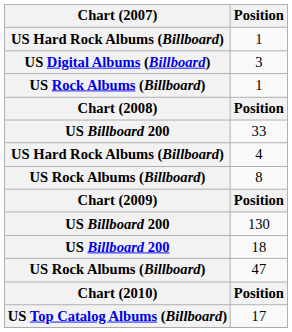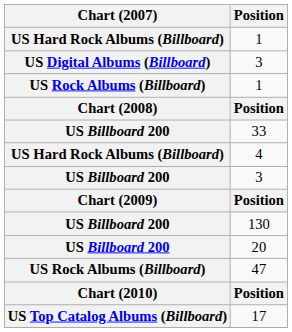 <table class="wikitable plainrowheaders" style="text-align:center">
 <tr>
 <th>Chart (2007)</th>
 <th>Position</th>
 </tr>
 <tr>
 <th scope="row">US Hard Rock Albums (<em>Billboard</em>)</th>
 <td>1</td>
 </tr>
 <tr>
 <th scope="row">US <a href='#'>Digital Albums</a> (<a href='#'><em>Billboard</em></a>)</th>
 <td>3</td>
 </tr>
 <tr>
 <th scope="row">US <a href='#'>Rock Albums</a> (<em>Billboard</em>)</th>
 <td>1</td>
 </tr>
 <tr>
 <th>Chart (2008)</th>
 <th>Position</th>
 </tr>
 <tr>
 <th scope="row">US <em>Billboard</em> 200</th>
 <td>33</td>
 </tr>
 <tr>
 <th scope="row">US Hard Rock Albums (<em>Billboard</em>)</th>
 <td>4</td>
 </tr>
 <tr>
-<th scope="row">US Rock Albums (<em>Billboard</em>)</th>
-<td>8</td>
+<th scope="row">US <em>Billboard</em> 200</th>
+<td>3</td>
 </tr>
 <tr>
 <th>Chart (2009)</th>
 <th>Position</th>
 </tr>
 <tr>
 <th scope="row">US <em>Billboard</em> 200</th>
 <td>130</td>
 </tr>
 <tr>
 <th scope="row">US <a href='#'><em>Billboard</em> 200</a></th>
-<td>18</td>
+<td>20</td>
 </tr>
 <tr>
 <th scope="row">US Rock Albums (<em>Billboard</em>)</th>
 <td>47</td>
 </tr>
 <tr>
 <th>Chart (2010)</th>
 <th>Position</th>
 </tr>
 <tr>
 <th scope="row">US <a href='#'>Top Catalog Albums</a> (<em>Billboard</em>)</th>
 <td>17</td>
 </tr>
 <tr>
 </tr>
 </table>
